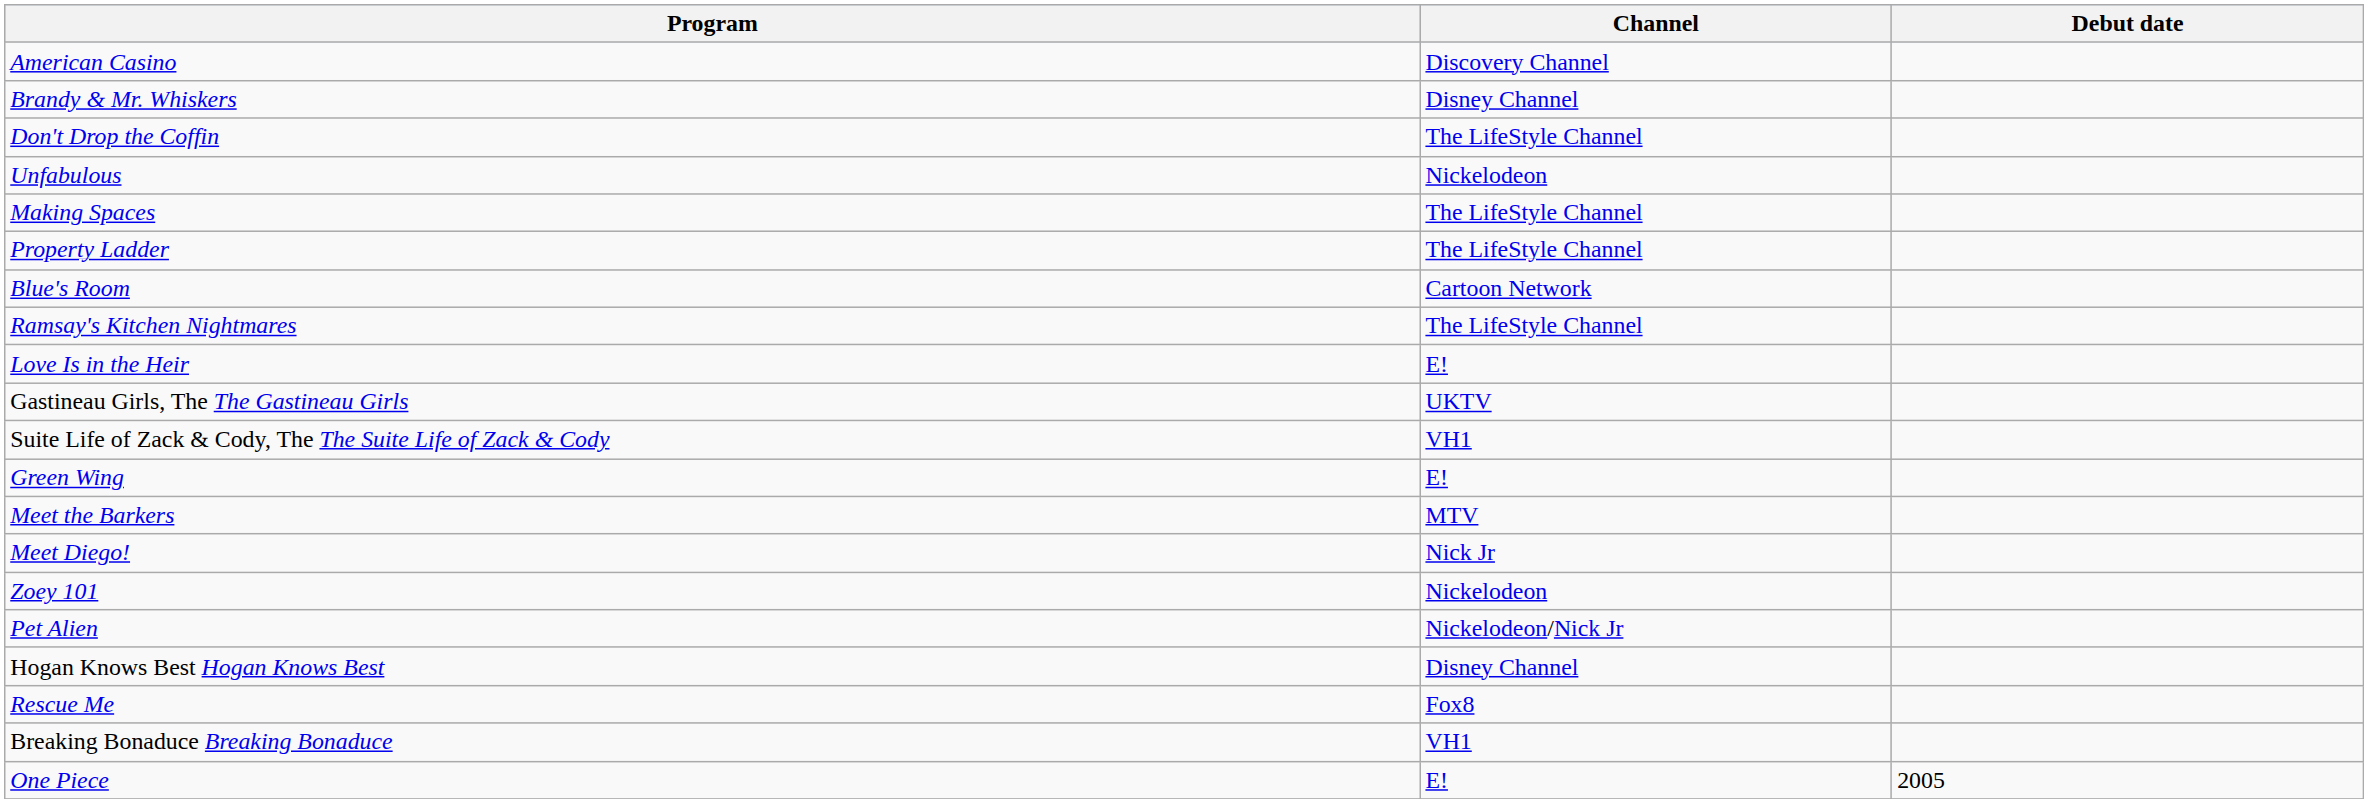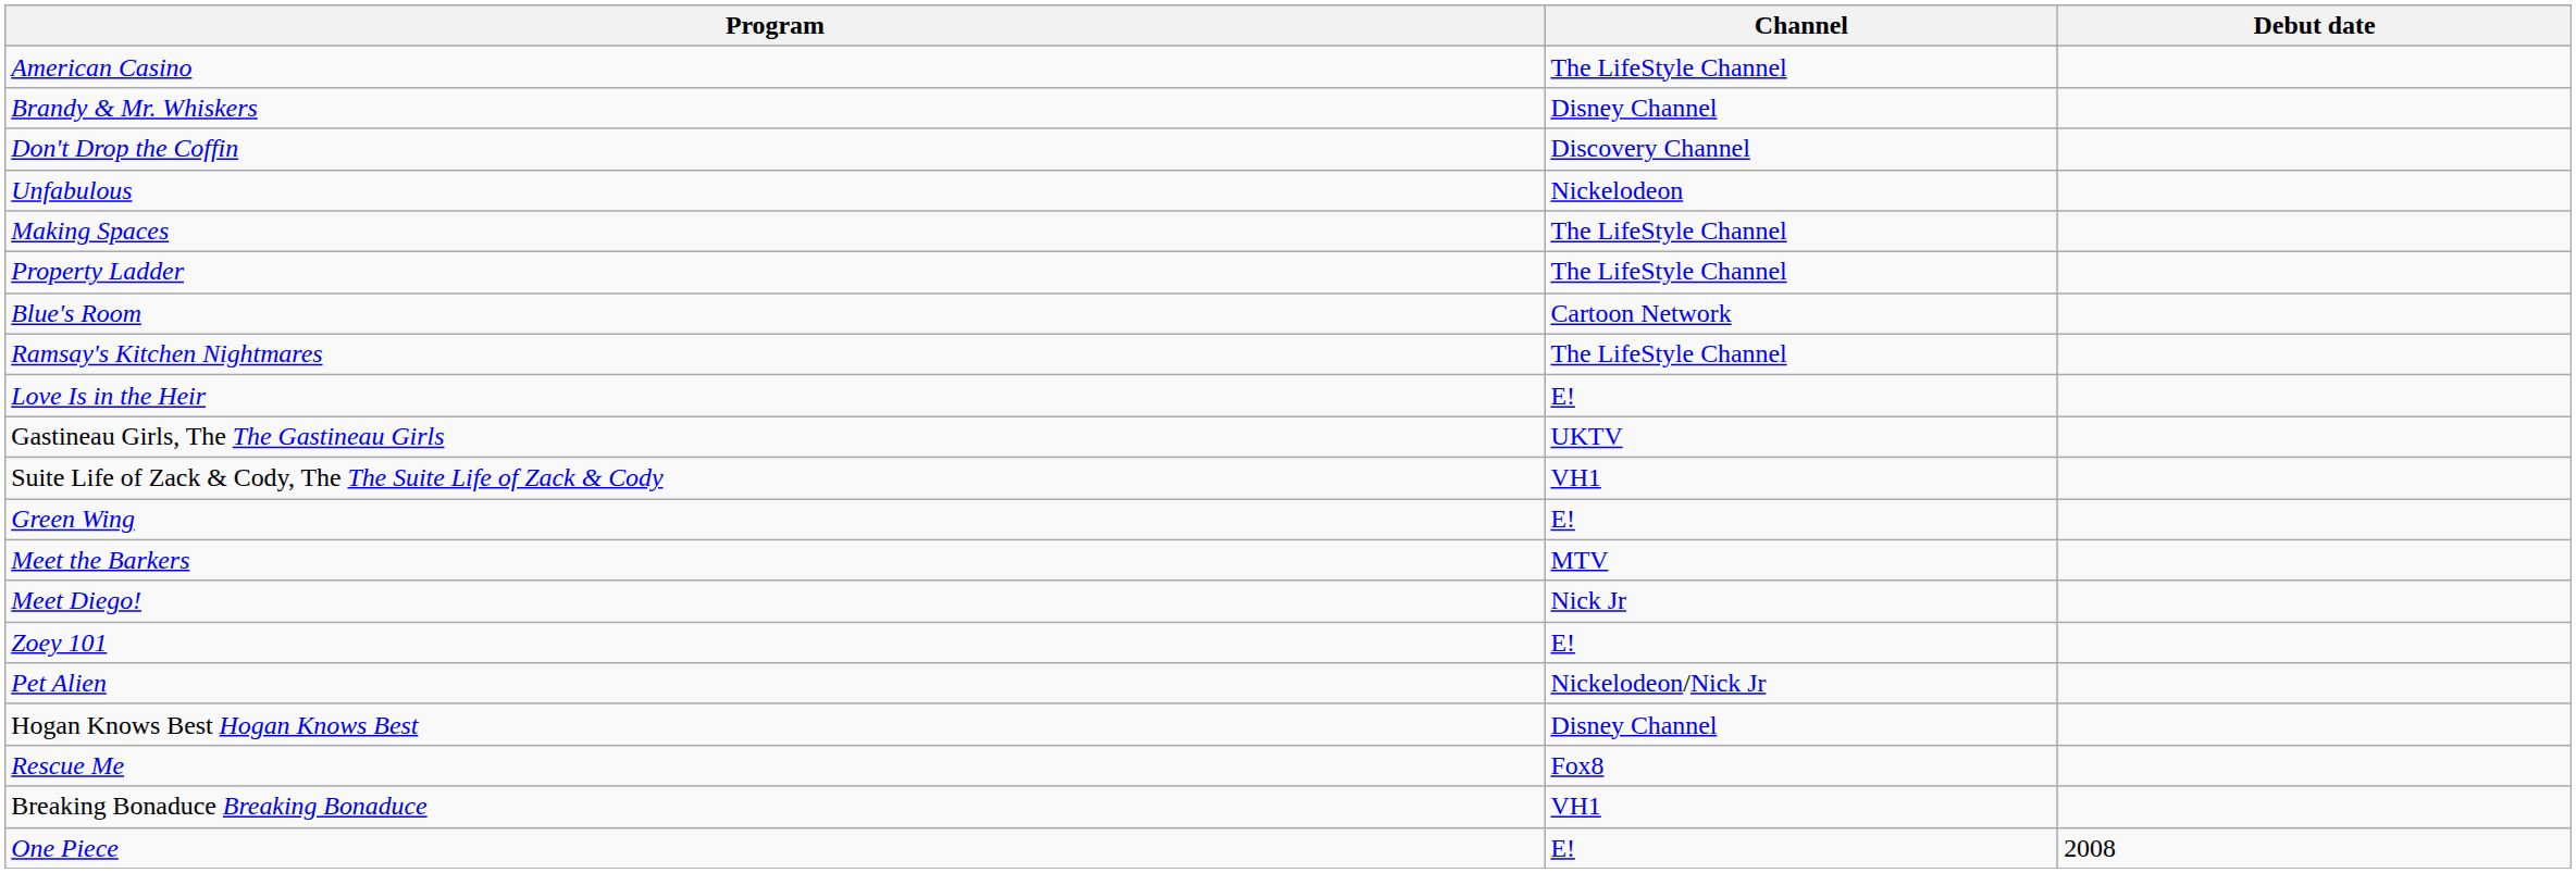 <table class="wikitable sortable" width="100%" style="ofont-size:90%;">
 <tr bgcolor="#C1D8FF" style="background:#C1D8FF;">
 <th width=60%>Program</th>
 <th width=20%>Channel</th>
 <th width=20%>Debut date</th>
 </tr>
 <tr>
 <td> <em><a href='#'>American Casino</a></em></td>
-<td><a href='#'>Discovery Channel</a></td>
+<td><a href='#'>The LifeStyle Channel</a></td>
 <td></td>
 </tr>
 <tr>
 <td> <em><a href='#'>Brandy & Mr. Whiskers</a></em></td>
 <td><a href='#'>Disney Channel</a></td>
 <td></td>
 </tr>
 <tr>
 <td> <em><a href='#'>Don't Drop the Coffin</a></em></td>
-<td><a href='#'>The LifeStyle Channel</a></td>
+<td><a href='#'>Discovery Channel</a></td>
 <td></td>
 </tr>
 <tr>
 <td> <em><a href='#'>Unfabulous</a></em></td>
 <td><a href='#'>Nickelodeon</a></td>
 <td></td>
 </tr>
 <tr>
 <td> <em><a href='#'>Making Spaces</a></em></td>
 <td><a href='#'>The LifeStyle Channel</a></td>
 <td></td>
 </tr>
 <tr>
 <td> <em><a href='#'>Property Ladder</a></em></td>
 <td><a href='#'>The LifeStyle Channel</a></td>
 <td></td>
 </tr>
 <tr>
 <td> <em><a href='#'>Blue's Room</a></em></td>
 <td><a href='#'>Cartoon Network</a></td>
 <td></td>
 </tr>
 <tr>
 <td> <em><a href='#'>Ramsay's Kitchen Nightmares</a></em></td>
 <td><a href='#'>The LifeStyle Channel</a></td>
 <td></td>
 </tr>
 <tr>
 <td> <em><a href='#'>Love Is in the Heir</a></em></td>
 <td><a href='#'>E!</a></td>
 <td></td>
 </tr>
 <tr>
 <td><span>Gastineau Girls, The</span>  <em><a href='#'>The Gastineau Girls</a></em></td>
 <td><a href='#'>UKTV</a></td>
 <td></td>
 </tr>
 <tr>
 <td><span>Suite Life of Zack & Cody, The</span>  <em><a href='#'>The Suite Life of Zack & Cody</a></em></td>
 <td><a href='#'>VH1</a></td>
 <td></td>
 </tr>
 <tr>
 <td> <em><a href='#'>Green Wing</a></em></td>
 <td><a href='#'>E!</a></td>
 <td></td>
 </tr>
 <tr>
 <td> <em><a href='#'>Meet the Barkers</a></em></td>
 <td><a href='#'>MTV</a></td>
 <td></td>
 </tr>
 <tr>
 <td> <em><a href='#'>Meet Diego!</a></em></td>
 <td><a href='#'>Nick Jr</a></td>
 <td></td>
 </tr>
 <tr>
 <td> <em><a href='#'>Zoey 101</a></em></td>
-<td><a href='#'>Nickelodeon</a></td>
+<td><a href='#'>E!</a></td>
 <td></td>
 </tr>
 <tr>
 <td> <em><a href='#'>Pet Alien</a></em></td>
 <td><a href='#'>Nickelodeon</a>/<a href='#'>Nick Jr</a></td>
 <td></td>
 </tr>
 <tr>
 <td><span>Hogan Knows Best</span>  <em><a href='#'>Hogan Knows Best</a></em></td>
 <td><a href='#'>Disney Channel</a></td>
 <td></td>
 </tr>
 <tr>
 <td> <em><a href='#'>Rescue Me</a></em></td>
 <td><a href='#'>Fox8</a></td>
 <td></td>
 </tr>
 <tr>
 <td><span>Breaking Bonaduce</span>  <em><a href='#'>Breaking Bonaduce</a></em></td>
 <td><a href='#'>VH1</a></td>
 <td> </td>
 </tr>
 <tr>
 <td> <em><a href='#'>One Piece</a></em></td>
 <td><a href='#'>E!</a></td>
-<td>2005</td>
+<td>2008</td>
 </tr>
 </table>
